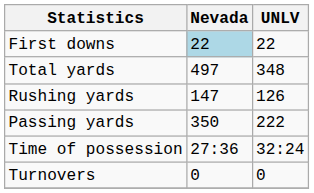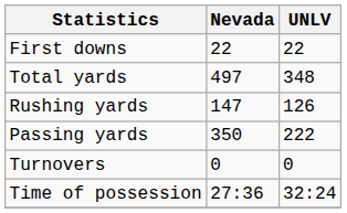 <table class="wikitable">
 <tr>
 <th>Statistics</th>
 <th>Nevada</th>
 <th>UNLV</th>
 </tr>
 <tr>
 <td>First downs</td>
-<td style="background: lightblue;">22</td>
+<td>22</td>
 <td>22</td>
 </tr>
 <tr>
 <td>Total yards</td>
 <td>497</td>
 <td>348</td>
 </tr>
 <tr>
 <td>Rushing yards</td>
 <td>147</td>
 <td>126</td>
 </tr>
 <tr>
 <td>Passing yards</td>
 <td>350</td>
 <td>222</td>
 </tr>
 <tr>
+<td>Turnovers</td>
+<td>0</td>
+<td>0</td>
+</tr>
+<tr>
 <td>Time of possession</td>
 <td>27:36</td>
 <td>32:24</td>
 </tr>
 <tr>
-<td>Turnovers</td>
-<td>0</td>
-<td>0</td>
-</tr>
-<tr>
 </tr>
 </table>
